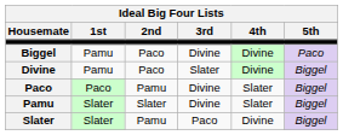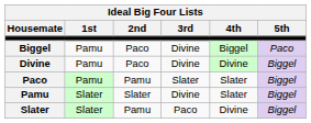 <table class="wikitable" style="text-align:center; font-size:90%; line-height:15px;">
 <tr>
 <th colspan=6>Ideal Big Four Lists</th>
 </tr>
 <tr>
 <th style="width: 20%;">Housemate</th>
 <th style="width: 16%;">1st</th>
 <th style="width: 16%;">2nd</th>
 <th style="width: 16%;">3rd</th>
 <th style="width: 16%;">4th</th>
 <th style="width: 16%;">5th</th>
 </tr>
 <tr>
 <th style="background:#000000;" colspan=6></th>
 </tr>
 <tr>
 <th>Biggel</th>
 <td>Pamu</td>
 <td>Paco</td>
 <td>Divine</td>
-<td style="background:#CCFFCC;">Divine</td>
+<td style="background:#CCFFCC;">Biggel</td>
 <td style="background:#DDCEF2;"><em>Paco</em></td>
 </tr>
 <tr>
 <th>Divine</th>
 <td>Pamu</td>
 <td>Paco</td>
-<td>Slater</td>
+<td>Divine</td>
 <td style="background:#CCFFCC;">Divine</td>
 <td style="background:#DDCEF2;"><em>Biggel</em></td>
 </tr>
 <tr>
 <th>Paco</th>
-<td style="background:#CCFFCC;">Paco</td>
+<td style="background:#CCFFCC;">Pamu</td>
 <td>Pamu</td>
-<td>Divine</td>
+<td>Slater</td>
 <td>Slater</td>
 <td style="background:#DDCEF2;"><em>Biggel</em></td>
 </tr>
 <tr>
 <th>Pamu</th>
 <td style="background:#CCFFCC;">Slater</td>
 <td>Slater</td>
 <td>Divine</td>
 <td>Slater</td>
 <td style="background:#DDCEF2;"><em>Biggel</em></td>
 </tr>
 <tr>
 <th>Slater</th>
 <td style="background:#CCFFCC;">Slater</td>
 <td>Pamu</td>
 <td>Paco</td>
 <td>Divine</td>
 <td style="background:#DDCEF2;"><em>Biggel</em></td>
 </tr>
 </table>
